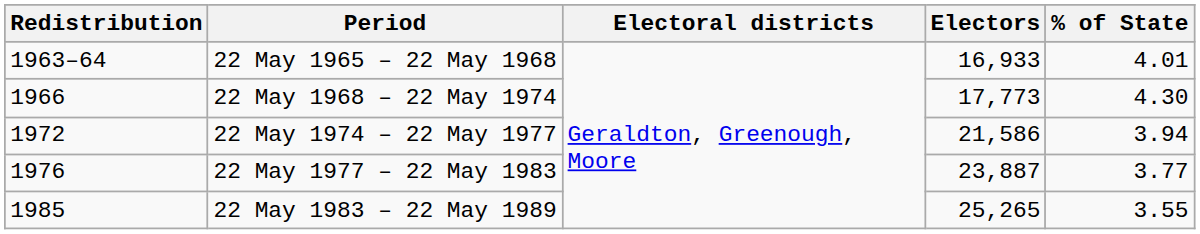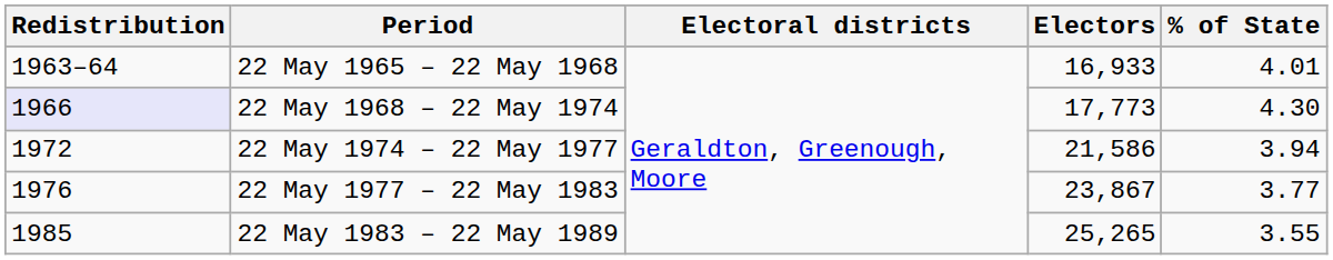 <table class="wikitable">
 <tr>
 <th>Redistribution</th>
 <th>Period</th>
 <th>Electoral districts</th>
 <th>Electors</th>
 <th>% of State</th>
 </tr>
 <tr>
 <td>1963–64</td>
 <td>22 May 1965 – 22 May 1968</td>
 <td rowspan=5 width = 200><br><a href='#'>Geraldton</a>, <a href='#'>Greenough</a>, <a href='#'>Moore</a></td>
 <td align=right>16,933</td>
 <td align=right>4.01</td>
 </tr>
 <tr>
-<td>1966</td>
+<td style="background: lavender;">1966</td>
 <td>22 May 1968 – 22 May 1974</td>
 <td align=right>17,773</td>
 <td align=right>4.30</td>
 </tr>
 <tr>
 <td>1972</td>
 <td>22 May 1974 – 22 May 1977</td>
 <td align=right>21,586</td>
 <td align=right>3.94</td>
 </tr>
 <tr>
 <td>1976</td>
 <td>22 May 1977 – 22 May 1983</td>
-<td align=right>23,887</td>
+<td align=right>23,867</td>
 <td align=right>3.77</td>
 </tr>
 <tr>
 <td>1985</td>
 <td>22 May 1983 – 22 May 1989</td>
 <td align=right>25,265</td>
 <td align=right>3.55</td>
 </tr>
 </table>
